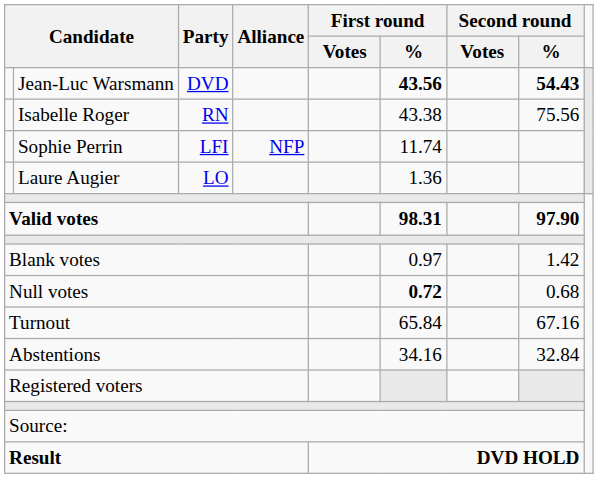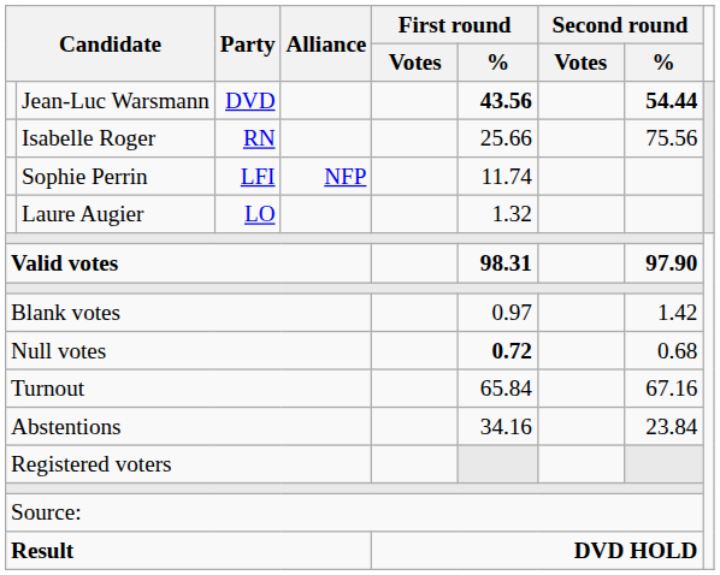 <table class="wikitable" style="text-align:right;font-size:95%;">
 <tr>
 <th colspan="2" rowspan="2">Candidate</th>
 <th colspan="1" rowspan="2">Party</th>
 <th colspan="1" rowspan="2">Alliance</th>
 <th colspan="2">First round</th>
 <th colspan="2">Second round</th>
 </tr>
 <tr>
 <th style="width:50px;">Votes</th>
 <th style="width:45px;">%</th>
 <th style="width:50px;">Votes</th>
 <th style="width:45px;">%</th>
 </tr>
 <tr>
 <td style="color:inherit;background:"></td>
 <td style="text-align:left;">Jean-Luc Warsmann</td>
 <td><a href='#'>DVD</a></td>
 <td></td>
 <td><strong></strong></td>
 <td><strong>43.56</strong></td>
 <td><strong></strong></td>
-<td><strong>54.43</strong></td>
+<td><strong>54.44</strong></td>
 <td colspan="2" rowspan="4" style="background:#E9E9E9;"></td>
 </tr>
 <tr>
 <td style="color:inherit;background:"></td>
 <td style="text-align:left;">Isabelle Roger</td>
 <td><a href='#'>RN</a></td>
 <td></td>
 <td></td>
-<td>43.38</td>
+<td>25.66</td>
 <td></td>
 <td>75.56</td>
 </tr>
 <tr>
 <td style="color:inherit;background:"></td>
 <td style="text-align:left;">Sophie Perrin</td>
 <td><a href='#'>LFI</a></td>
 <td><a href='#'>NFP</a></td>
 <td></td>
 <td>11.74</td>
 <td></td>
 <td></td>
 </tr>
 <tr>
 <td style="color:inherit;background:"></td>
 <td style="text-align:left;">Laure Augier</td>
 <td><a href='#'>LO</a></td>
 <td></td>
 <td></td>
-<td>1.36</td>
+<td>1.32</td>
 <td></td>
 <td></td>
 </tr>
 <tr>
 <td colspan="8" style="background:#E9E9E9;"></td>
 </tr>
 <tr style="font-weight:bold;">
 <td colspan="4" style="text-align:left;">Valid votes</td>
 <td></td>
 <td>98.31</td>
 <td></td>
 <td>97.90</td>
 </tr>
 <tr>
 <td colspan="8" style="background:#E9E9E9;"></td>
 </tr>
 <tr>
 <td colspan="4" style="text-align:left;">Blank votes</td>
 <td></td>
 <td>0.97</td>
 <td></td>
 <td>1.42</td>
 </tr>
 <tr>
 <td colspan="4" style="text-align:left;">Null votes</td>
 <td></td>
 <td><strong>0.72</strong></td>
 <td></td>
 <td>0.68</td>
 </tr>
 <tr>
 <td colspan="4" style="text-align:left;">Turnout</td>
 <td></td>
 <td>65.84</td>
 <td></td>
 <td>67.16</td>
 </tr>
 <tr>
 <td colspan="4" style="text-align:left;">Abstentions</td>
 <td></td>
 <td>34.16</td>
 <td></td>
-<td>32.84</td>
+<td>23.84</td>
 </tr>
 <tr>
 <td colspan="4" style="text-align:left;">Registered voters</td>
 <td></td>
 <td style="background:#E9E9E9;"></td>
 <td></td>
 <td style="background:#E9E9E9;"></td>
 </tr>
 <tr>
 <td colspan="8" style="background:#E9E9E9;"></td>
 </tr>
 <tr>
 <td colspan="8" style="text-align:left;">Source: </td>
 </tr>
 <tr style="font-weight:bold">
 <td colspan="4" style="text-align:left;">Result</td>
 <td colspan="4" style="background-color:">DVD HOLD</td>
 </tr>
 </table>
